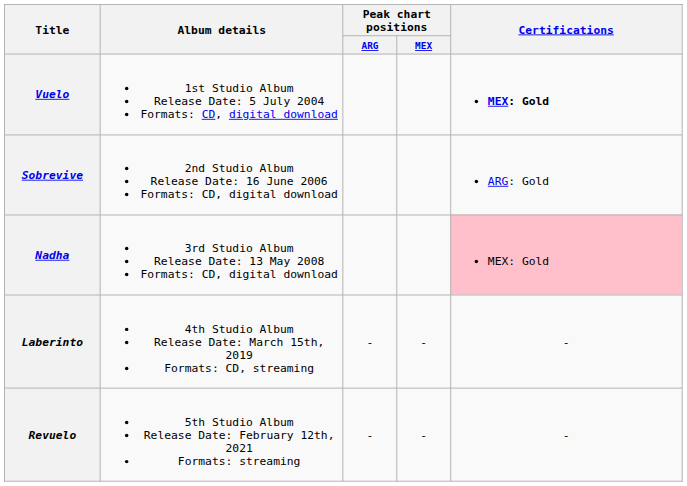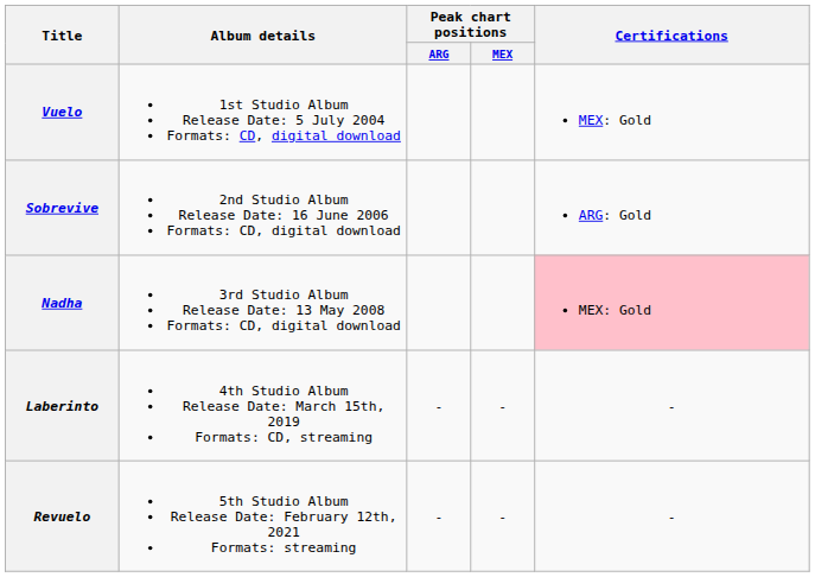 <table class="wikitable plainrowheaders" style="text-align:center;">
 <tr>
 <th scope="col" rowspan="2" style="width:8em;">Title</th>
 <th scope="col" rowspan="2" style="width:21em;">Album details</th>
 <th scope="col" colspan="2"style="width:9em;">Peak chart positions</th>
 <th scope="col" rowspan="2" style="width:20em;"><a href='#'>Certifications</a></th>
 </tr>
 <tr>
 <th style="width:34px;"><small><strong><a href='#'>ARG</a></strong></small></th>
 <th style="width:34px;"><small><strong><a href='#'>MEX</a></strong></small></th>
 </tr>
 <tr>
 <th scope="row" align="center"><em><a href='#'>Vuelo</a></em></th>
 <td><br><ul><li>1st Studio Album</li><li>Release Date: 5 July 2004</li><li>Formats: <a href='#'>CD</a>, <a href='#'>digital download</a></li></ul></td>
 <td></td>
 <td></td>
-<td align="left"><strong><br><ul><li><a href='#'>MEX</a>: Gold</li></ul></strong></td>
+<td align="left"><br><ul><li><a href='#'>MEX</a>: Gold</li></ul></td>
 </tr>
 <tr>
 <th scope="row" align="center"><em><a href='#'>Sobrevive</a></em></th>
 <td><br><ul><li>2nd Studio Album</li><li>Release Date: 16 June 2006</li><li>Formats: CD, digital download</li></ul></td>
 <td></td>
 <td></td>
 <td align="left"><br><ul><li><a href='#'>ARG</a>: Gold</li></ul></td>
 </tr>
 <tr>
 <th scope="row" align="center"><em><a href='#'>Nadha</a></em></th>
 <td><br><ul><li>3rd Studio Album</li><li>Release Date: 13 May 2008</li><li>Formats: CD, digital download</li></ul></td>
 <td></td>
 <td></td>
 <td align="left" style="background: pink;"><br><ul><li>MEX: Gold</li></ul></td>
 </tr>
 <tr>
 <th><em>Laberinto</em></th>
 <td><br><ul><li>4th Studio Album</li><li>Release Date: March 15th, 2019</li><li>Formats: CD, streaming</li></ul></td>
 <td>-</td>
 <td>-</td>
 <td>-</td>
 </tr>
 <tr>
 <th><strong><em>Revuelo</em></strong></th>
 <td><br><ul><li>5th Studio Album</li><li>Release Date: February 12th, 2021</li><li>Formats: streaming</li></ul></td>
 <td>-</td>
 <td>-</td>
 <td>-</td>
 </tr>
 </table>
